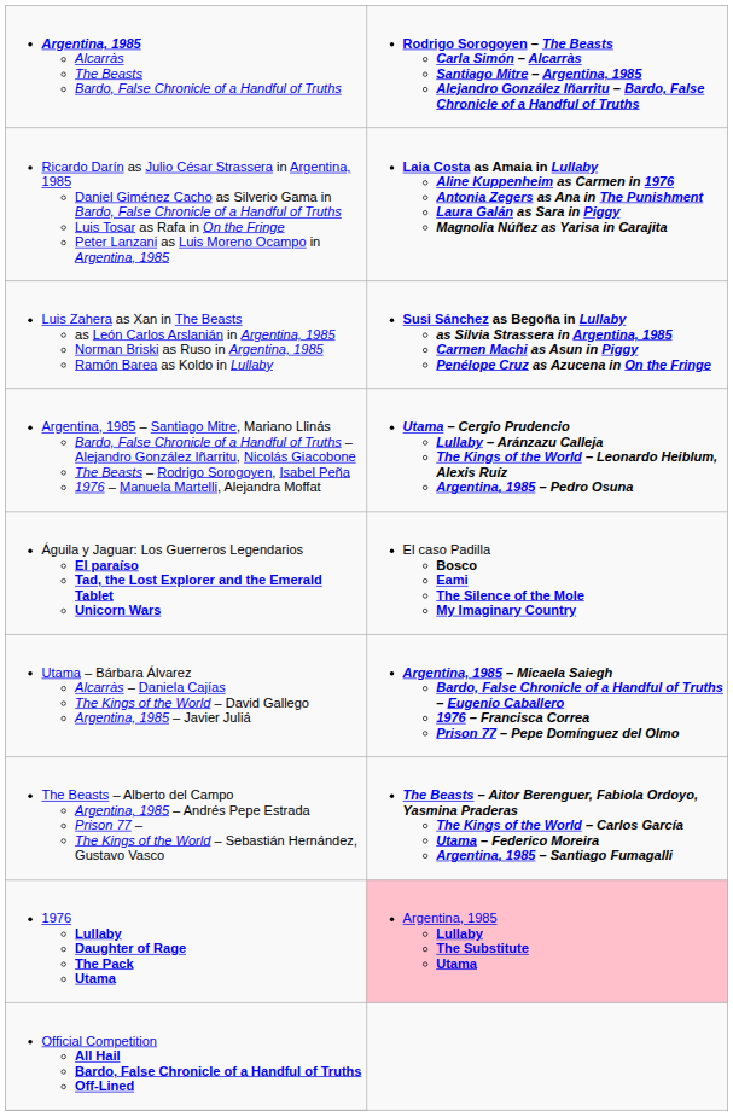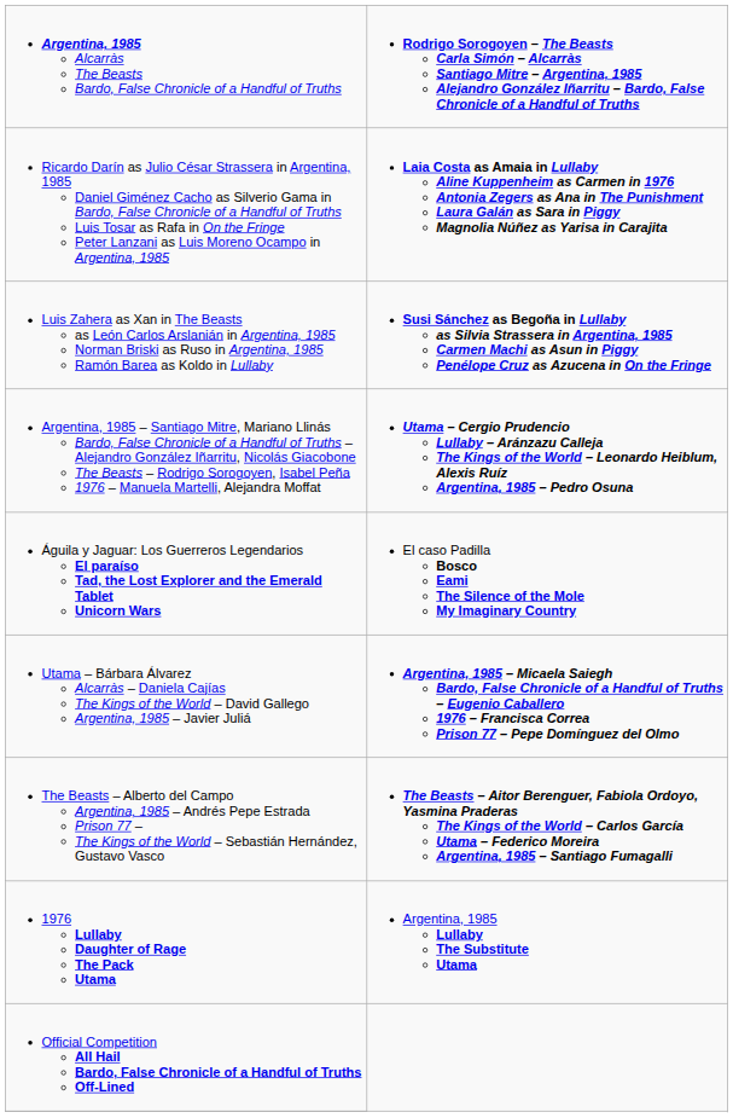 <table role="presentation" class=wikitable>
 <tr>
 <td valign="top" style="vertical-align:top; width:50%;"><br><ul><li><strong><em><a href='#'>Argentina, 1985</a></em></strong><ul><li><em><a href='#'>Alcarràs</a></em></li><li><em><a href='#'>The Beasts</a></em></li><li><em><a href='#'>Bardo, False Chronicle of a Handful of Truths</a></em></li></ul></li></ul></td>
 <td valign="top" style="vertical-align:top; width:50%;"><br><ul><li><strong><a href='#'>Rodrigo Sorogoyen</a> – <em><a href='#'>The Beasts</a><strong><em><ul><li><a href='#'>Carla Simón</a> – </em><a href='#'>Alcarràs</a><em></li><li><a href='#'>Santiago Mitre</a> – </em><a href='#'>Argentina, 1985</a><em></li><li><a href='#'>Alejandro González Iñarritu</a> – </em><a href='#'>Bardo, False Chronicle of a Handful of Truths</a><em></li></ul></li></ul></td>
 </tr>
 <tr>
 <td valign="top" style="vertical-align:top; width:50%;"><br><ul><li></strong><a href='#'>Ricardo Darín</a> as <a href='#'>Julio César Strassera</a> in </em><a href='#'>Argentina, 1985</a></em></strong><ul><li><a href='#'>Daniel Giménez Cacho</a> as Silverio Gama in <em><a href='#'>Bardo, False Chronicle of a Handful of Truths</a></em></li><li><a href='#'>Luis Tosar</a> as Rafa in <em><a href='#'>On the Fringe</a></em></li><li><a href='#'>Peter Lanzani</a> as <a href='#'>Luis Moreno Ocampo</a> in <em><a href='#'>Argentina, 1985</a></em></li></ul></li></ul></td>
 <td valign="top" style="vertical-align:top; width:50%;"><br><ul><li><strong><a href='#'>Laia Costa</a> as Amaia in <em><a href='#'>Lullaby</a><strong><em><ul><li><a href='#'>Aline Kuppenheim</a> as Carmen in </em><a href='#'>1976</a><em></li><li><a href='#'>Antonia Zegers</a> as Ana in </em><a href='#'>The Punishment</a><em></li><li><a href='#'>Laura Galán</a> as Sara in </em><a href='#'>Piggy</a><em></li><li>Magnolia Núñez as Yarisa in </em>Carajita<em></li></ul></li></ul></td>
 </tr>
 <tr>
 <td valign="top" style="vertical-align:top; width:50%;"><br><ul><li></strong><a href='#'>Luis Zahera</a> as Xan in </em><a href='#'>The Beasts</a></em></strong><ul><li> as <a href='#'>León Carlos Arslanián</a> in <em><a href='#'>Argentina, 1985</a></em></li><li><a href='#'>Norman Briski</a> as Ruso in <em><a href='#'>Argentina, 1985</a></em></li><li><a href='#'>Ramón Barea</a> as Koldo in <em><a href='#'>Lullaby</a></em></li></ul></li></ul></td>
 <td valign="top" style="vertical-align:top; width:50%;"><br><ul><li><strong><a href='#'>Susi Sánchez</a> as Begoña in <em><a href='#'>Lullaby</a><strong><em><ul><li> as Silvia Strassera in </em><a href='#'>Argentina, 1985</a><em></li><li><a href='#'>Carmen Machi</a> as Asun in </em><a href='#'>Piggy</a><em></li><li><a href='#'>Penélope Cruz</a> as Azucena in </em><a href='#'>On the Fringe</a><em></li></ul></li></ul></td>
 </tr>
 <tr>
 <td valign="top" style="vertical-align:top; width:50%;"><br><ul><li></em></strong><a href='#'>Argentina, 1985</a></em> – <a href='#'>Santiago Mitre</a>, Mariano Llinás</strong><ul><li><em><a href='#'>Bardo, False Chronicle of a Handful of Truths</a></em> – <a href='#'>Alejandro González Iñarritu</a>, <a href='#'>Nicolás Giacobone</a></li><li><em><a href='#'>The Beasts</a></em> – <a href='#'>Rodrigo Sorogoyen</a>, <a href='#'>Isabel Peña</a></li><li><em><a href='#'>1976</a></em> – <a href='#'>Manuela Martelli</a>, Alejandra Moffat</li></ul></li></ul></td>
 <td valign="top" style="vertical-align:top; width:50%;"><br><ul><li><strong><em><a href='#'>Utama</a><em> – Cergio Prudencio<strong><ul><li></em><a href='#'>Lullaby</a><em> – Aránzazu Calleja</li><li></em><a href='#'>The Kings of the World</a><em> – Leonardo Heiblum, Alexis Ruíz</li><li></em><a href='#'>Argentina, 1985</a><em> – Pedro Osuna</li></ul></li></ul></td>
 </tr>
 <tr>
 <td valign="top" style="vertical-align:top; width:50%;"><br><ul><li></em></strong>Águila y Jaguar: Los Guerreros Legendarios<strong><em><ul><li></em><a href='#'>El paraíso</a><em></li><li></em><a href='#'>Tad, the Lost Explorer and the Emerald Tablet</a><em></li><li></em><a href='#'>Unicorn Wars</a><em></li></ul></li></ul></td>
 <td valign="top" style="vertical-align:top; width:50%;"><br><ul><li></em></strong>El caso Padilla<strong><em><ul><li></em>Bosco<em></li><li></em><a href='#'>Eami</a><em></li><li></em><a href='#'>The Silence of the Mole</a><em></li><li></em><a href='#'>My Imaginary Country</a><em></li></ul></li></ul></td>
 </tr>
 <tr>
 <td valign="top" style="vertical-align:top; width:50%;"><br><ul><li></em></strong><a href='#'>Utama</a></em> – Bárbara Álvarez</strong><ul><li><em><a href='#'>Alcarràs</a></em> – <a href='#'>Daniela Cajías</a></li><li><em><a href='#'>The Kings of the World</a></em> – David Gallego</li><li><em><a href='#'>Argentina, 1985</a></em> – Javier Juliá</li></ul></li></ul></td>
 <td valign="top" style="vertical-align:top; width:50%;"><br><ul><li><strong><em><a href='#'>Argentina, 1985</a><em> – Micaela Saiegh<strong><ul><li></em><a href='#'>Bardo, False Chronicle of a Handful of Truths</a><em> – <a href='#'>Eugenio Caballero</a></li><li></em><a href='#'>1976</a><em> – Francisca Correa</li><li></em><a href='#'>Prison 77</a><em> – Pepe Domínguez del Olmo</li></ul></li></ul></td>
 </tr>
 <tr>
 <td valign="top" style="vertical-align:top; width:50%;"><br><ul><li></em></strong><a href='#'>The Beasts</a></em> – Alberto del Campo</strong><ul><li><em><a href='#'>Argentina, 1985</a></em> – Andrés Pepe Estrada</li><li><em><a href='#'>Prison 77</a></em> – </li><li><em><a href='#'>The Kings of the World</a></em> – Sebastián Hernández, Gustavo Vasco</li></ul></li></ul></td>
 <td valign="top" style="vertical-align:top; width:50%;"><br><ul><li><strong><em><a href='#'>The Beasts</a><em> – Aitor Berenguer, Fabiola Ordoyo, Yasmina Praderas<strong><ul><li></em><a href='#'>The Kings of the World</a><em> – Carlos García</li><li></em><a href='#'>Utama</a><em> – Federico Moreira</li><li></em><a href='#'>Argentina, 1985</a><em> – Santiago Fumagalli</li></ul></li></ul></td>
 </tr>
 <tr>
 <td valign="top" style="vertical-align:top; width:50%;"><br><ul><li></em></strong><a href='#'>1976</a><strong><em><ul><li></em><a href='#'>Lullaby</a><em></li><li></em><a href='#'>Daughter of Rage</a><em></li><li></em><a href='#'>The Pack</a><em></li><li></em><a href='#'>Utama</a><em></li></ul></li></ul></td>
-<td valign="top" style="background: pink; vertical-align:top; width:50%;"><br><ul><li></em></strong><a href='#'>Argentina, 1985</a><strong><em><ul><li></em><a href='#'>Lullaby</a><em></li><li></em><a href='#'>The Substitute</a><em></li><li></em><a href='#'>Utama</a><em></li></ul></li></ul></td>
+<td valign="top" style="vertical-align:top; width:50%;"><br><ul><li></em></strong><a href='#'>Argentina, 1985</a><strong><em><ul><li></em><a href='#'>Lullaby</a><em></li><li></em><a href='#'>The Substitute</a><em></li><li></em><a href='#'>Utama</a><em></li></ul></li></ul></td>
 </tr>
 <tr>
 <td valign="top" style="vertical-align:top; width:50%;"><br><ul><li></em></strong><a href='#'>Official Competition</a><strong><em><ul><li></em><a href='#'>All Hail</a><em></li><li></em><a href='#'>Bardo, False Chronicle of a Handful of Truths</a><em></li><li></em><a href='#'>Off-Lined</a><em></li></ul></li></ul></td>
 </tr>
 <tr>
 </tr>
 </table>
